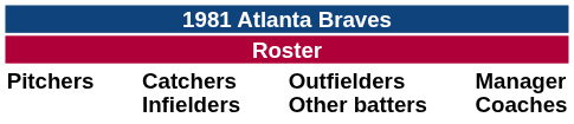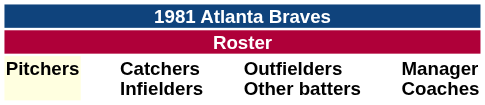 <table class="toccolours" style="font-size: 95%;">
 <tr>
 <th colspan="10" style="background-color: #0f437c; color: white; text-align: center;">1981 Atlanta Braves</th>
 </tr>
 <tr>
 <td colspan="10" style="background-color: #af0039; color: white; text-align: center;"><strong>Roster</strong></td>
 </tr>
 <tr>
-<td valign="top"><strong>Pitchers</strong><br>              </td>
+<td valign="top" style="background: lightyellow;"><strong>Pitchers</strong><br>              </td>
 <td width="25px"></td>
 <td valign="top"><strong>Catchers</strong><br>    <strong>Infielders</strong>          </td>
 <td width="25px"></td>
 <td valign="top"><strong>Outfielders</strong><br>          <strong>Other batters</strong> </td>
 <td width="25px"></td>
 <td valign="top"><strong>Manager</strong><br> <strong>Coaches</strong>    </td>
 </tr>
 </table>
